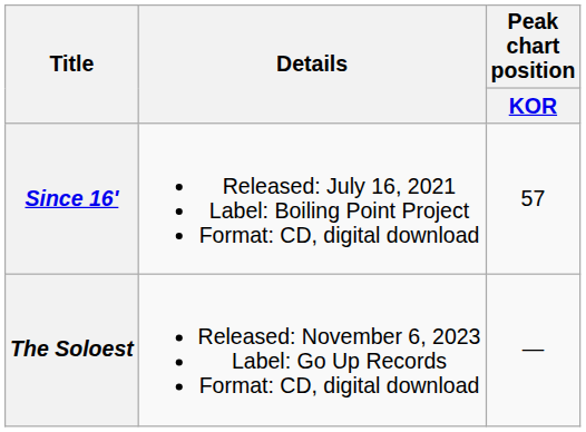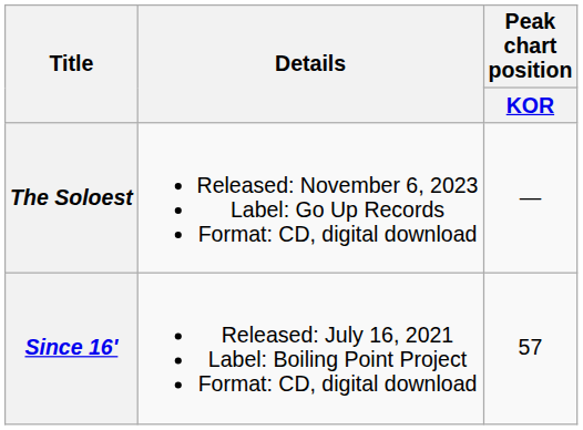 <table class="wikitable plainrowheaders" style="text-align:center;">
 <tr>
 <th rowspan="2">Title</th>
 <th rowspan="2">Details</th>
 <th>Peak<br>chart<br>position</th>
 </tr>
 <tr>
 <th><a href='#'>KOR</a><br></th>
 </tr>
 <tr>
+<th scope="row"><em>The Soloest</em></th>
+<td><br><ul><li>Released: November 6, 2023</li><li>Label: Go Up Records</li><li>Format: CD, digital download</li></ul></td>
+<td>—</td>
+</tr>
+<tr>
 <th scope="row"><em><a href='#'>Since 16'</a></em></th>
 <td><br><ul><li>Released: July 16, 2021</li><li>Label: Boiling Point Project</li><li>Format: CD, digital download</li></ul></td>
 <td align="center">57</td>
 </tr>
-<tr>
-<th scope="row"><em>The Soloest</em></th>
-<td><br><ul><li>Released: November 6, 2023</li><li>Label: Go Up Records</li><li>Format: CD, digital download</li></ul></td>
-<td>—</td>
-</tr>
 </table>
